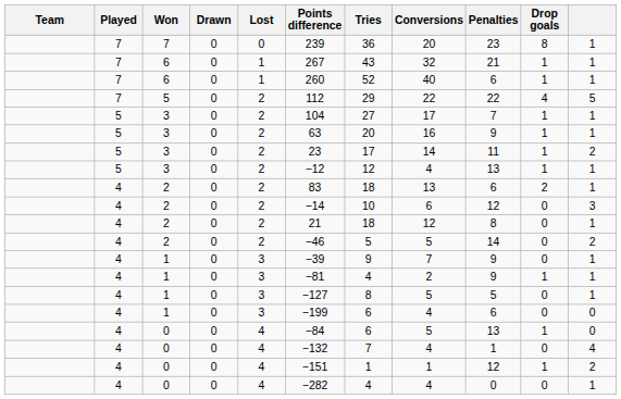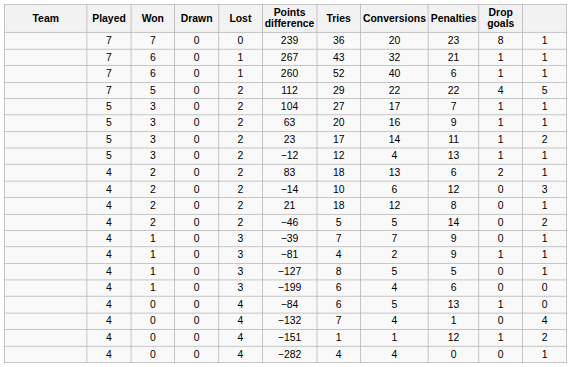 <table class="wikitable sortable" style=text-align:center>
 <tr>
 <th width=120>Team</th>
 <th width=60>Played</th>
 <th width=60>Won</th>
 <th width=60>Drawn</th>
 <th width=60>Lost</th>
 <th width=60>Points<br>difference</th>
 <th width=60>Tries</th>
 <th width=60>Conversions</th>
 <th width=60>Penalties</th>
 <th width=60>Drop goals</th>
 <th width=60></th>
 </tr>
 <tr>
 <td align=left></td>
 <td>7</td>
 <td>7</td>
 <td>0</td>
 <td>0</td>
 <td>239</td>
 <td>36</td>
 <td>20</td>
 <td>23</td>
 <td>8</td>
 <td>1</td>
 </tr>
 <tr>
 <td align=left></td>
 <td>7</td>
 <td>6</td>
 <td>0</td>
 <td>1</td>
 <td>267</td>
 <td>43</td>
 <td>32</td>
 <td>21</td>
 <td>1</td>
 <td>1</td>
 </tr>
 <tr>
 <td align=left></td>
 <td>7</td>
 <td>6</td>
 <td>0</td>
 <td>1</td>
 <td>260</td>
 <td>52</td>
 <td>40</td>
 <td>6</td>
 <td>1</td>
 <td>1</td>
 </tr>
 <tr>
 <td align=left></td>
 <td>7</td>
 <td>5</td>
 <td>0</td>
 <td>2</td>
 <td>112</td>
 <td>29</td>
 <td>22</td>
 <td>22</td>
 <td>4</td>
 <td>5</td>
 </tr>
 <tr>
 <td align=left></td>
 <td>5</td>
 <td>3</td>
 <td>0</td>
 <td>2</td>
 <td>104</td>
 <td>27</td>
 <td>17</td>
 <td>7</td>
 <td>1</td>
 <td>1</td>
 </tr>
 <tr>
 <td align=left></td>
 <td>5</td>
 <td>3</td>
 <td>0</td>
 <td>2</td>
 <td>63</td>
 <td>20</td>
 <td>16</td>
 <td>9</td>
 <td>1</td>
 <td>1</td>
 </tr>
 <tr>
 <td align=left></td>
 <td>5</td>
 <td>3</td>
 <td>0</td>
 <td>2</td>
 <td>23</td>
 <td>17</td>
 <td>14</td>
 <td>11</td>
 <td>1</td>
 <td>2</td>
 </tr>
 <tr>
 <td align=left></td>
 <td>5</td>
 <td>3</td>
 <td>0</td>
 <td>2</td>
 <td>−12</td>
 <td>12</td>
 <td>4</td>
 <td>13</td>
 <td>1</td>
 <td>1</td>
 </tr>
 <tr>
 <td align=left></td>
 <td>4</td>
 <td>2</td>
 <td>0</td>
 <td>2</td>
 <td>83</td>
 <td>18</td>
 <td>13</td>
 <td>6</td>
 <td>2</td>
 <td>1</td>
 </tr>
 <tr>
 <td align=left></td>
 <td>4</td>
 <td>2</td>
 <td>0</td>
 <td>2</td>
 <td>−14</td>
 <td>10</td>
 <td>6</td>
 <td>12</td>
 <td>0</td>
 <td>3</td>
 </tr>
 <tr>
 <td align=left></td>
 <td>4</td>
 <td>2</td>
 <td>0</td>
 <td>2</td>
 <td>21</td>
 <td>18</td>
 <td>12</td>
 <td>8</td>
 <td>0</td>
 <td>1</td>
 </tr>
 <tr>
 <td align=left></td>
 <td>4</td>
 <td>2</td>
 <td>0</td>
 <td>2</td>
 <td>−46</td>
 <td>5</td>
 <td>5</td>
 <td>14</td>
 <td>0</td>
 <td>2</td>
 </tr>
 <tr>
 <td align=left></td>
 <td>4</td>
 <td>1</td>
 <td>0</td>
 <td>3</td>
 <td>−39</td>
-<td>9</td>
+<td>7</td>
 <td>7</td>
 <td>9</td>
 <td>0</td>
 <td>1</td>
 </tr>
 <tr>
 <td align=left></td>
 <td>4</td>
 <td>1</td>
 <td>0</td>
 <td>3</td>
 <td>−81</td>
 <td>4</td>
 <td>2</td>
 <td>9</td>
 <td>1</td>
 <td>1</td>
 </tr>
 <tr>
 <td align=left></td>
 <td>4</td>
 <td>1</td>
 <td>0</td>
 <td>3</td>
 <td>−127</td>
 <td>8</td>
 <td>5</td>
 <td>5</td>
 <td>0</td>
 <td>1</td>
 </tr>
 <tr>
 <td align=left></td>
 <td>4</td>
 <td>1</td>
 <td>0</td>
 <td>3</td>
 <td>−199</td>
 <td>6</td>
 <td>4</td>
 <td>6</td>
 <td>0</td>
 <td>0</td>
 </tr>
 <tr>
 <td align=left></td>
 <td>4</td>
 <td>0</td>
 <td>0</td>
 <td>4</td>
 <td>−84</td>
 <td>6</td>
 <td>5</td>
 <td>13</td>
 <td>1</td>
 <td>0</td>
 </tr>
 <tr>
 <td align=left></td>
 <td>4</td>
 <td>0</td>
 <td>0</td>
 <td>4</td>
 <td>−132</td>
 <td>7</td>
 <td>4</td>
 <td>1</td>
 <td>0</td>
 <td>4</td>
 </tr>
 <tr>
 <td align=left></td>
 <td>4</td>
 <td>0</td>
 <td>0</td>
 <td>4</td>
 <td>−151</td>
 <td>1</td>
 <td>1</td>
 <td>12</td>
 <td>1</td>
 <td>2</td>
 </tr>
 <tr>
 <td align=left></td>
 <td>4</td>
 <td>0</td>
 <td>0</td>
 <td>4</td>
 <td>−282</td>
 <td>4</td>
 <td>4</td>
 <td>0</td>
 <td>0</td>
 <td>1</td>
 </tr>
 </table>
